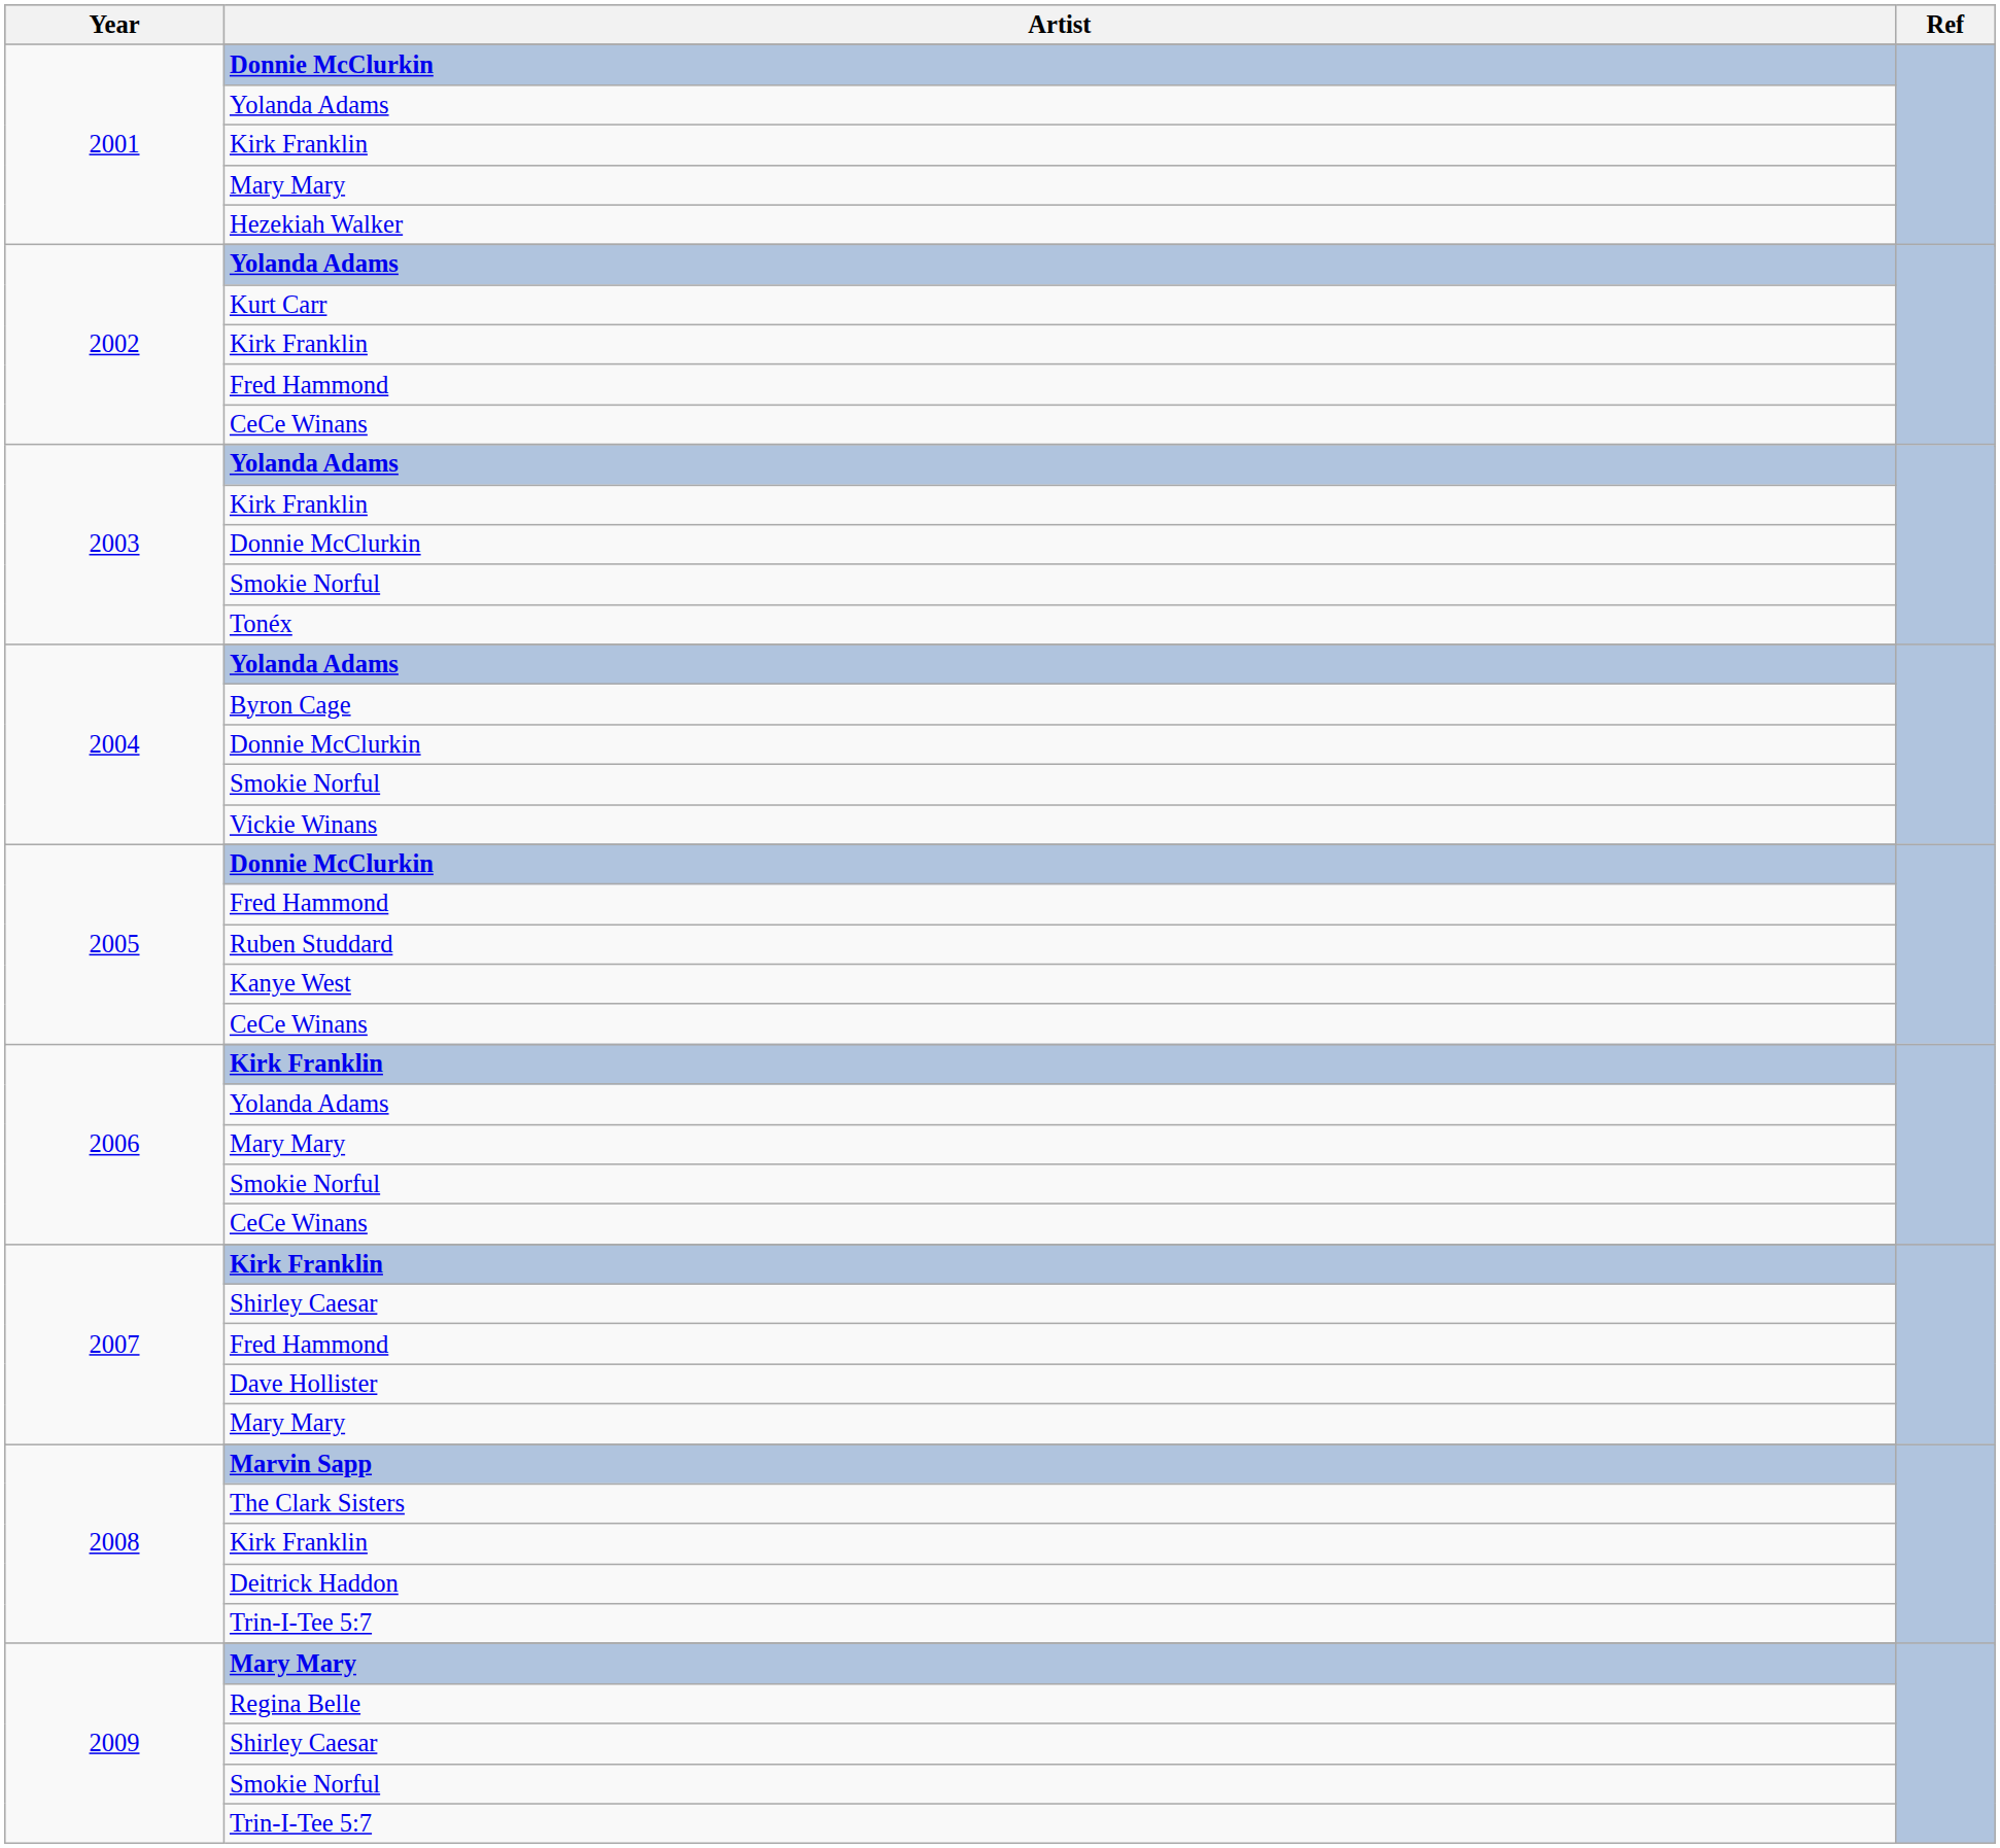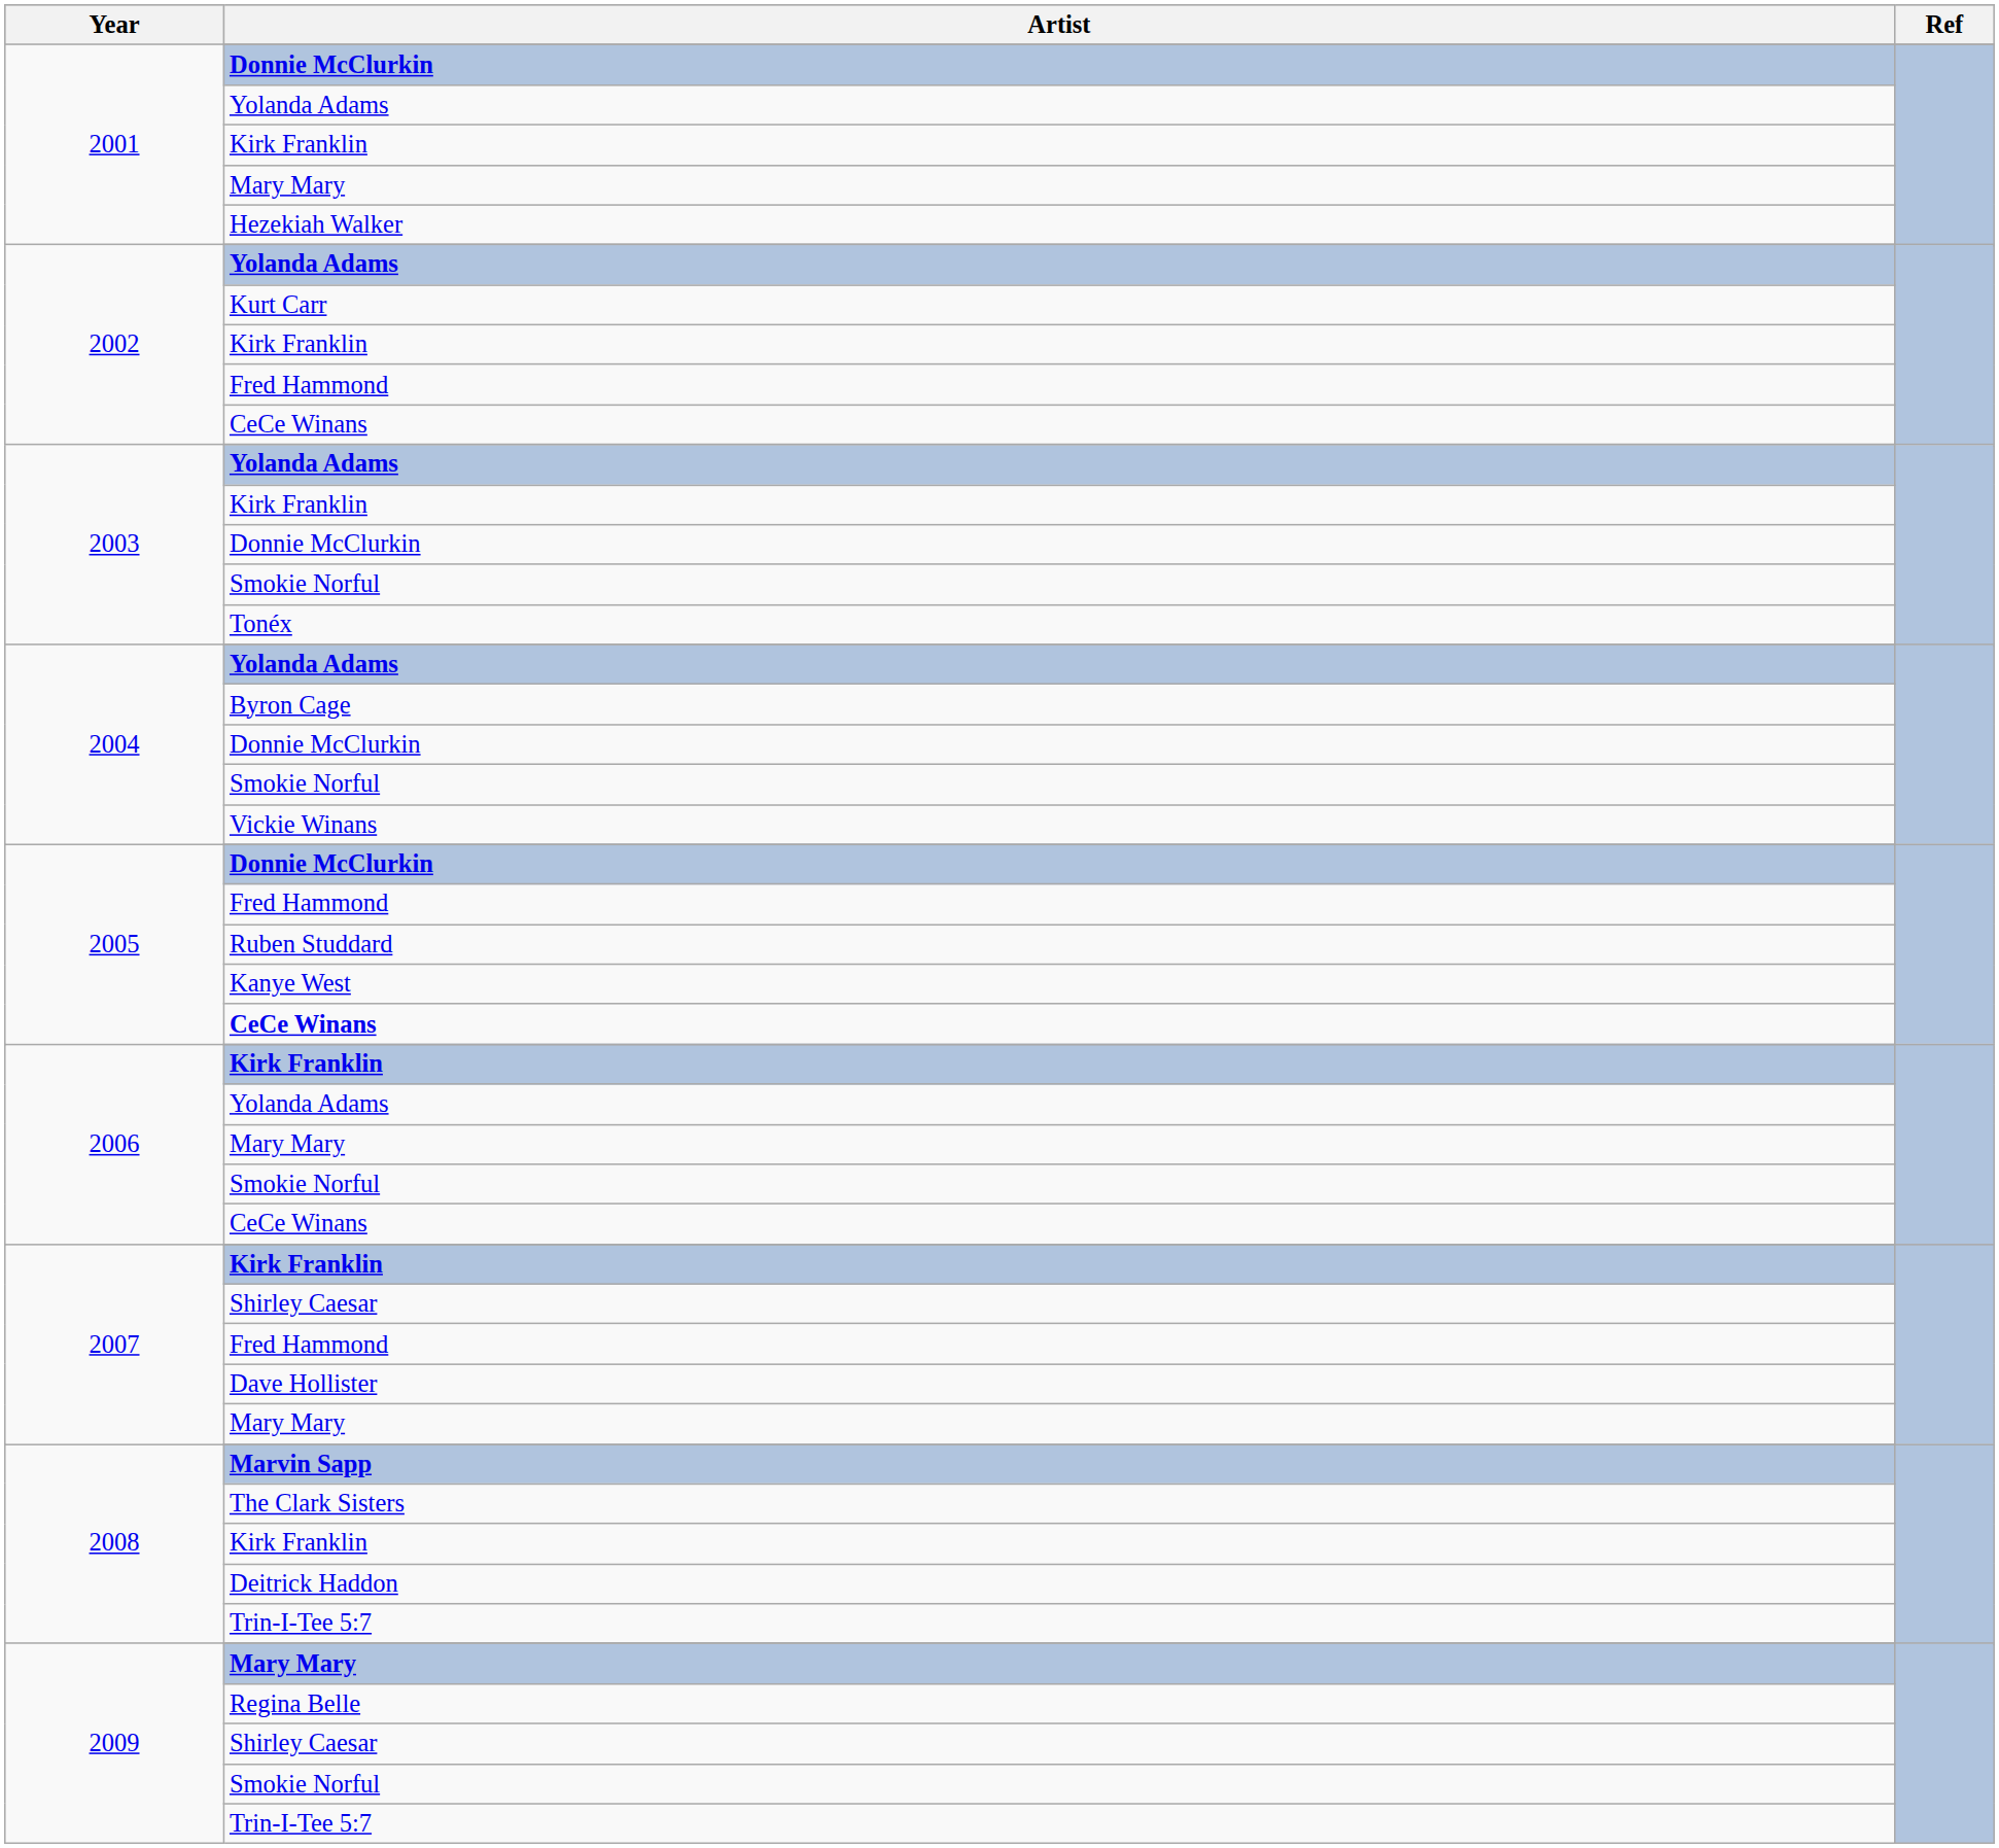 <table class="wikitable" style="width:100%;">
 <tr style="background:#bebebe;">
 <th style="width:11%;">Year</th>
 <th style="width:84%;">Artist</th>
 <th style="width:5%;">Ref</th>
 </tr>
 <tr>
 <td rowspan="6" align="center"><a href='#'>2001</a></td>
 </tr>
 <tr style="background:#B0C4DE">
 <td><strong><a href='#'>Donnie McClurkin</a></strong></td>
 <td rowspan="6" align="center"></td>
 </tr>
 <tr>
 <td><a href='#'>Yolanda Adams</a></td>
 </tr>
 <tr>
 <td><a href='#'>Kirk Franklin</a></td>
 </tr>
 <tr>
 <td><a href='#'>Mary Mary</a></td>
 </tr>
 <tr>
 <td><a href='#'>Hezekiah Walker</a></td>
 </tr>
 <tr>
 <td rowspan="6" align="center"><a href='#'>2002</a></td>
 </tr>
 <tr style="background:#B0C4DE">
 <td><strong><a href='#'>Yolanda Adams</a></strong></td>
 <td rowspan="6" align="center"></td>
 </tr>
 <tr>
 <td><a href='#'>Kurt Carr</a></td>
 </tr>
 <tr>
 <td><a href='#'>Kirk Franklin</a></td>
 </tr>
 <tr>
 <td><a href='#'>Fred Hammond</a></td>
 </tr>
 <tr>
 <td><a href='#'>CeCe Winans</a></td>
 </tr>
 <tr>
 <td rowspan="6" align="center"><a href='#'>2003</a></td>
 </tr>
 <tr style="background:#B0C4DE">
 <td><strong><a href='#'>Yolanda Adams</a></strong></td>
 <td rowspan="6" align="center"></td>
 </tr>
 <tr>
 <td><a href='#'>Kirk Franklin</a></td>
 </tr>
 <tr>
 <td><a href='#'>Donnie McClurkin</a></td>
 </tr>
 <tr>
 <td><a href='#'>Smokie Norful</a></td>
 </tr>
 <tr>
 <td><a href='#'>Tonéx</a></td>
 </tr>
 <tr>
 <td rowspan="6" align="center"><a href='#'>2004</a></td>
 </tr>
 <tr style="background:#B0C4DE">
 <td><strong><a href='#'>Yolanda Adams</a></strong></td>
 <td rowspan="6" align="center"></td>
 </tr>
 <tr>
 <td><a href='#'>Byron Cage</a></td>
 </tr>
 <tr>
 <td><a href='#'>Donnie McClurkin</a></td>
 </tr>
 <tr>
 <td><a href='#'>Smokie Norful</a></td>
 </tr>
 <tr>
 <td><a href='#'>Vickie Winans</a></td>
 </tr>
 <tr>
 <td rowspan="6" align="center"><a href='#'>2005</a></td>
 </tr>
 <tr style="background:#B0C4DE">
 <td><strong><a href='#'>Donnie McClurkin</a></strong></td>
 <td rowspan="6" align="center"></td>
 </tr>
 <tr>
 <td><a href='#'>Fred Hammond</a></td>
 </tr>
 <tr>
 <td><a href='#'>Ruben Studdard</a></td>
 </tr>
 <tr>
 <td><a href='#'>Kanye West</a></td>
 </tr>
 <tr>
-<td><a href='#'>CeCe Winans</a></td>
+<td><strong><a href='#'>CeCe Winans</a></strong></td>
 </tr>
 <tr>
 <td rowspan="6" align="center"><a href='#'>2006</a></td>
 </tr>
 <tr style="background:#B0C4DE">
 <td><strong><a href='#'>Kirk Franklin</a></strong></td>
 <td rowspan="6" align="center"></td>
 </tr>
 <tr>
 <td><a href='#'>Yolanda Adams</a></td>
 </tr>
 <tr>
 <td><a href='#'>Mary Mary</a></td>
 </tr>
 <tr>
 <td><a href='#'>Smokie Norful</a></td>
 </tr>
 <tr>
 <td><a href='#'>CeCe Winans</a></td>
 </tr>
 <tr>
 <td rowspan="6" align="center"><a href='#'>2007</a></td>
 </tr>
 <tr style="background:#B0C4DE">
 <td><strong><a href='#'>Kirk Franklin</a></strong></td>
 <td rowspan="6" align="center"></td>
 </tr>
 <tr>
 <td><a href='#'>Shirley Caesar</a></td>
 </tr>
 <tr>
 <td><a href='#'>Fred Hammond</a></td>
 </tr>
 <tr>
 <td><a href='#'>Dave Hollister</a></td>
 </tr>
 <tr>
 <td><a href='#'>Mary Mary</a></td>
 </tr>
 <tr>
 <td rowspan="6" align="center"><a href='#'>2008</a></td>
 </tr>
 <tr style="background:#B0C4DE">
 <td><strong><a href='#'>Marvin Sapp</a></strong></td>
 <td rowspan="6" align="center"></td>
 </tr>
 <tr>
 <td><a href='#'>The Clark Sisters</a></td>
 </tr>
 <tr>
 <td><a href='#'>Kirk Franklin</a></td>
 </tr>
 <tr>
 <td><a href='#'>Deitrick Haddon</a></td>
 </tr>
 <tr>
 <td><a href='#'>Trin-I-Tee 5:7</a></td>
 </tr>
 <tr>
 <td rowspan="6" align="center"><a href='#'>2009</a></td>
 </tr>
 <tr style="background:#B0C4DE">
 <td><strong><a href='#'>Mary Mary</a></strong></td>
 <td rowspan="6" align="center"></td>
 </tr>
 <tr>
 <td><a href='#'>Regina Belle</a></td>
 </tr>
 <tr>
 <td><a href='#'>Shirley Caesar</a></td>
 </tr>
 <tr>
 <td><a href='#'>Smokie Norful</a></td>
 </tr>
 <tr>
 <td><a href='#'>Trin-I-Tee 5:7</a></td>
 </tr>
 </table>
